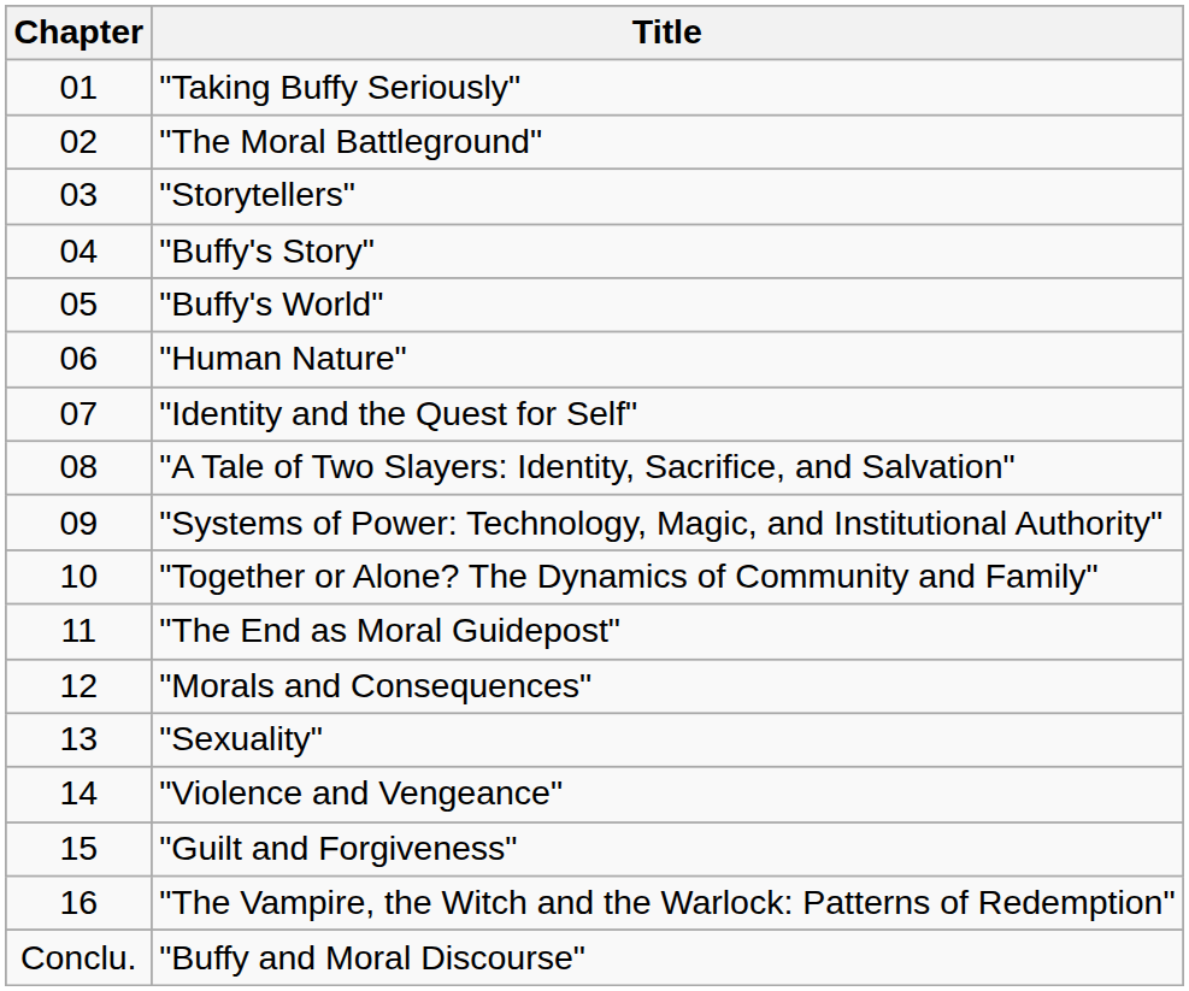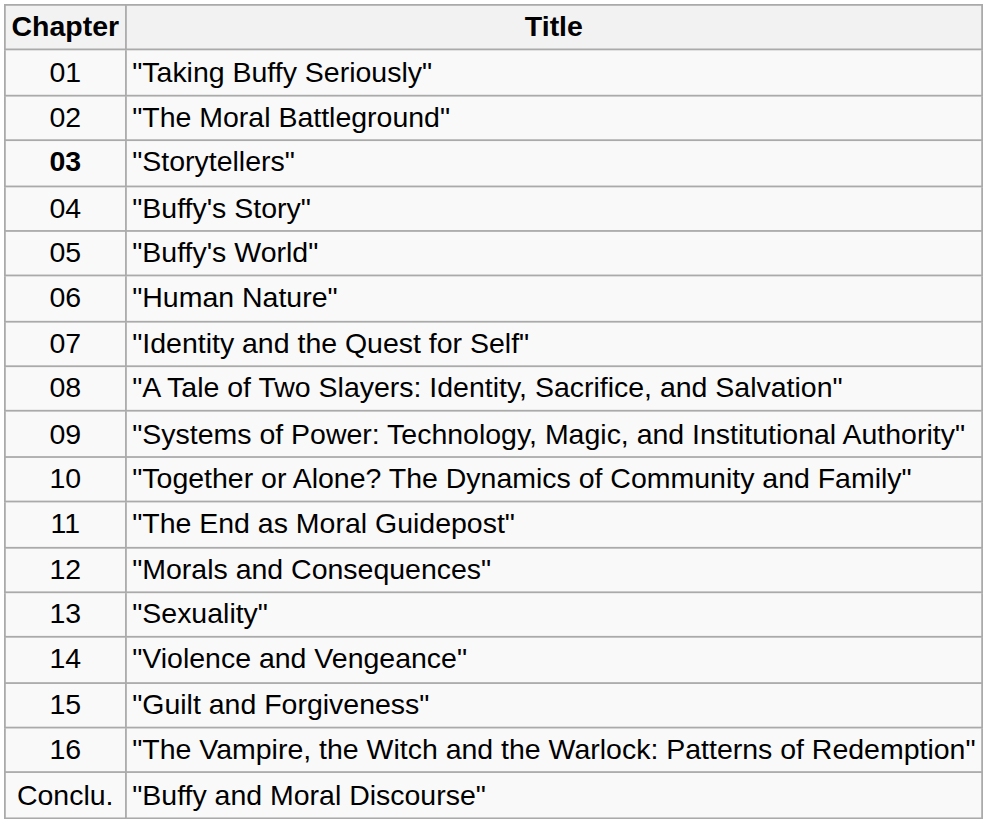 <table class="wikitable">
 <tr>
 <th>Chapter</th>
 <th>Title</th>
 </tr>
 <tr>
 <td style="text-align:center;">01</td>
 <td>"Taking Buffy Seriously"</td>
 </tr>
 <tr>
 <td style="text-align:center;">02</td>
 <td>"The Moral Battleground"</td>
 </tr>
 <tr>
-<td style="text-align:center;">03</td>
+<td style="text-align:center;"><strong>03</strong></td>
 <td>"Storytellers"</td>
 </tr>
 <tr>
 <td style="text-align:center;">04</td>
 <td>"Buffy's Story"</td>
 </tr>
 <tr>
 <td style="text-align:center;">05</td>
 <td>"Buffy's World"</td>
 </tr>
 <tr>
 <td style="text-align:center;">06</td>
 <td>"Human Nature"</td>
 </tr>
 <tr>
 <td style="text-align:center;">07</td>
 <td>"Identity and the Quest for Self"</td>
 </tr>
 <tr>
 <td style="text-align:center;">08</td>
 <td>"A Tale of Two Slayers: Identity, Sacrifice, and Salvation"</td>
 </tr>
 <tr>
 <td style="text-align:center;">09</td>
 <td>"Systems of Power: Technology, Magic, and Institutional Authority"</td>
 </tr>
 <tr>
 <td style="text-align:center;">10</td>
 <td>"Together or Alone? The Dynamics of Community and Family"</td>
 </tr>
 <tr>
 <td style="text-align:center;">11</td>
 <td>"The End as Moral Guidepost"</td>
 </tr>
 <tr>
 <td style="text-align:center;">12</td>
 <td>"Morals and Consequences"</td>
 </tr>
 <tr>
 <td style="text-align:center;">13</td>
 <td>"Sexuality"</td>
 </tr>
 <tr>
 <td style="text-align:center;">14</td>
 <td>"Violence and Vengeance"</td>
 </tr>
 <tr>
 <td style="text-align:center;">15</td>
 <td>"Guilt and Forgiveness"</td>
 </tr>
 <tr>
 <td style="text-align:center;">16</td>
 <td>"The Vampire, the Witch and the Warlock: Patterns of Redemption"</td>
 </tr>
 <tr>
 <td style="text-align:center;">Conclu.</td>
 <td>"Buffy and Moral Discourse"</td>
 </tr>
 </table>
